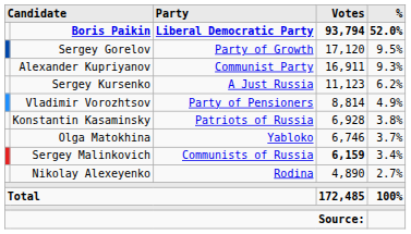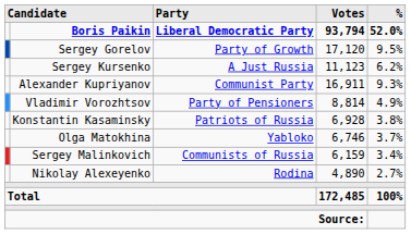 <table class=wikitable style=text-align:right>
 <tr>
 <th colspan=2 style="background-color:#E9E9E9;text-align:left;vertical-align:top;">Candidate</th>
 <th style="background-color:#E9E9E9;text-align:left;vertical-align:top;">Party</th>
 <th style="background-color:#E9E9E9;text-align:right;">Votes</th>
 <th style="background-color:#E9E9E9;text-align:right;">%</th>
 </tr>
 <tr>
 <td style="background-color: "></td>
 <td><strong><a href='#'>Boris Paikin</a></strong></td>
 <td><strong><a href='#'>Liberal Democratic Party</a></strong></td>
 <td><strong>93,794</strong></td>
 <td><strong>52.0%</strong></td>
 </tr>
 <tr>
 <td style="background-color: #0047AB"></td>
 <td>Sergey Gorelov</td>
 <td><a href='#'>Party of Growth</a></td>
 <td>17,120</td>
 <td>9.5%</td>
 </tr>
 <tr>
 <td style="background-color: "></td>
+<td>Sergey Kursenko</td>
+<td><a href='#'>A Just Russia</a></td>
+<td>11,123</td>
+<td>6.2%</td>
+</tr>
+<tr>
+<td style="background-color: "></td>
 <td>Alexander Kupriyanov</td>
 <td><a href='#'>Communist Party</a></td>
 <td>16,911</td>
 <td>9.3%</td>
-</tr>
-<tr>
-<td style="background-color: "></td>
-<td>Sergey Kursenko</td>
-<td><a href='#'>A Just Russia</a></td>
-<td>11,123</td>
-<td>6.2%</td>
 </tr>
 <tr>
 <td style="background: #1E90FF;"></td>
 <td>Vladimir Vorozhtsov</td>
 <td><a href='#'>Party of Pensioners</a></td>
 <td>8,814</td>
 <td>4.9%</td>
 </tr>
 <tr>
 <td style="background-color: "></td>
 <td>Konstantin Kasaminsky</td>
 <td><a href='#'>Patriots of Russia</a></td>
 <td>6,928</td>
 <td>3.8%</td>
 </tr>
 <tr>
 <td style="background-color: "></td>
 <td>Olga Matokhina</td>
 <td><a href='#'>Yabloko</a></td>
 <td>6,746</td>
 <td>3.7%</td>
 </tr>
 <tr>
 <td style="background: #E62020;"></td>
 <td>Sergey Malinkovich</td>
 <td><a href='#'>Communists of Russia</a></td>
-<td><strong>6,159</strong></td>
+<td>6,159</td>
 <td>3.4%</td>
 </tr>
 <tr>
 <td style="background-color: "></td>
 <td>Nikolay Alexeyenko</td>
 <td><a href='#'>Rodina</a></td>
 <td>4,890</td>
 <td>2.7%</td>
 </tr>
 <tr>
 <td colspan="5" style="background-color:#E9E9E9;"></td>
 </tr>
 <tr style="font-weight:bold">
 <td colspan="3" style="text-align:left;">Total</td>
 <td>172,485</td>
 <td>100%</td>
 </tr>
 <tr>
 <td colspan="5" style="background-color:#E9E9E9;"></td>
 </tr>
 <tr style="font-weight:bold">
 <td colspan="4">Source:</td>
 <td></td>
 </tr>
 </table>
